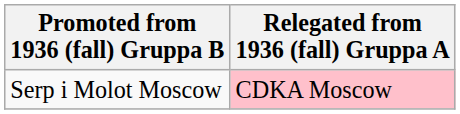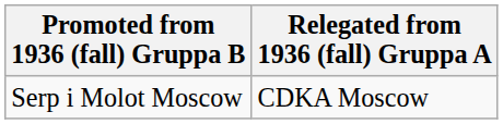 <table class="wikitable">
 <tr>
 <th>Promoted from<br>1936 (fall) Gruppa B</th>
 <th>Relegated from<br>1936 (fall) Gruppa A</th>
 </tr>
 <tr>
 <td> Serp i Molot Moscow </td>
-<td style="background: pink;"> CDKA Moscow </td>
+<td> CDKA Moscow </td>
 </tr>
 </table>
